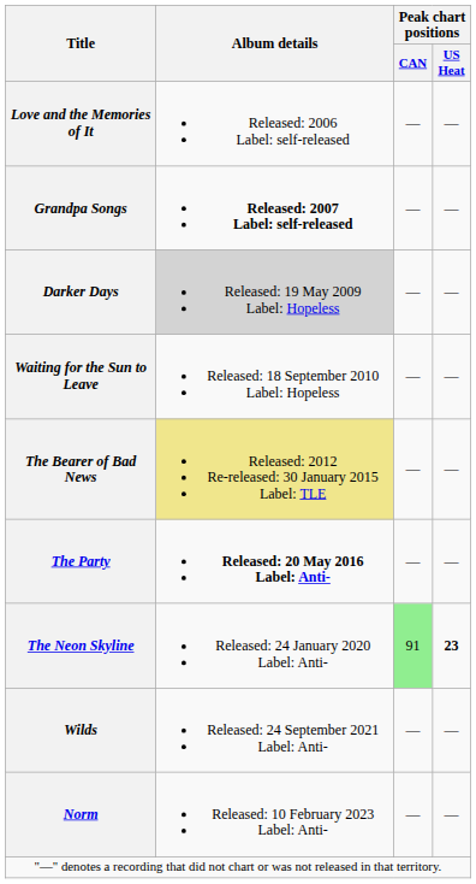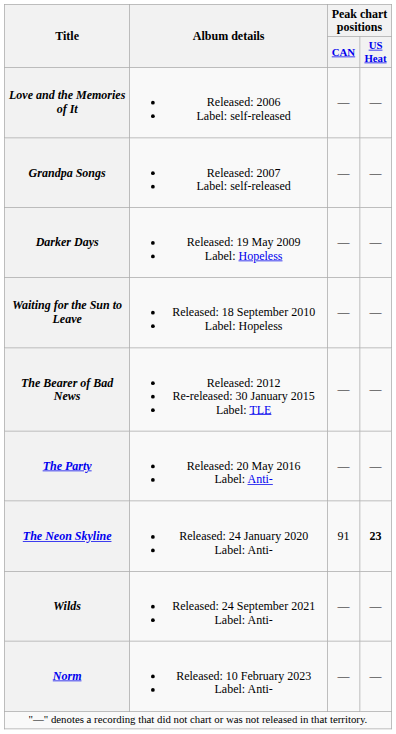 <table class="wikitable plainrowheaders" style="text-align:center;">
 <tr>
 <th scope="col" rowspan="2" style="width:10em;">Title</th>
 <th scope="col" rowspan="2" style="width:16em;">Album details</th>
 <th scope="col" colspan="3">Peak chart positions</th>
 </tr>
 <tr>
 <th scope="col" style="width:2.5em;font-size:90%;"><a href='#'>CAN</a><br></th>
 <th scope="col" style="width:2.5em;font-size:90%;"><a href='#'>US<br>Heat</a><br></th>
 </tr>
 <tr>
 <th scope="row"><em>Love and the Memories of It</em></th>
 <td><br><ul><li>Released: 2006</li><li>Label: self-released</li></ul></td>
 <td>—</td>
 <td>—</td>
 </tr>
 <tr>
 <th scope="row"><em>Grandpa Songs</em></th>
-<td><strong><br><ul><li>Released: 2007</li><li>Label: self-released</li></ul></strong></td>
+<td><br><ul><li>Released: 2007</li><li>Label: self-released</li></ul></td>
 <td>—</td>
 <td>—</td>
 </tr>
 <tr>
 <th scope="row"><em>Darker Days</em></th>
-<td style="background: lightgrey;"><br><ul><li>Released: 19 May 2009</li><li>Label: <a href='#'>Hopeless</a></li></ul></td>
+<td><br><ul><li>Released: 19 May 2009</li><li>Label: <a href='#'>Hopeless</a></li></ul></td>
 <td>—</td>
 <td>—</td>
 </tr>
 <tr>
 <th scope="row"><em>Waiting for the Sun to Leave</em></th>
 <td><br><ul><li>Released: 18 September 2010</li><li>Label: Hopeless</li></ul></td>
 <td>—</td>
 <td>—</td>
 </tr>
 <tr>
 <th scope="row"><em>The Bearer of Bad News</em></th>
-<td style="background: khaki;"><br><ul><li>Released: 2012</li><li>Re-released: 30 January 2015</li><li>Label: <a href='#'>TLE</a></li></ul></td>
+<td><br><ul><li>Released: 2012</li><li>Re-released: 30 January 2015</li><li>Label: <a href='#'>TLE</a></li></ul></td>
 <td>—</td>
 <td>—</td>
 </tr>
 <tr>
 <th scope="row"><em><a href='#'>The Party</a></em></th>
-<td><strong><br><ul><li>Released: 20 May 2016</li><li>Label: <a href='#'>Anti-</a></li></ul></strong></td>
+<td><br><ul><li>Released: 20 May 2016</li><li>Label: <a href='#'>Anti-</a></li></ul></td>
 <td>—</td>
 <td>—</td>
 </tr>
 <tr>
 <th scope="row"><em><a href='#'>The Neon Skyline</a></em></th>
 <td><br><ul><li>Released: 24 January 2020</li><li>Label: Anti-</li></ul></td>
-<td style="background: lightgreen;">91</td>
+<td>91</td>
 <td><strong>23</strong></td>
 </tr>
 <tr>
 <th scope="row"><em>Wilds</em></th>
 <td><br><ul><li>Released: 24 September 2021</li><li>Label: Anti-</li></ul></td>
 <td>—</td>
 <td>—</td>
 </tr>
 <tr>
 <th scope="row"><em><a href='#'>Norm</a></em></th>
 <td><br><ul><li>Released: 10 February 2023</li><li>Label: Anti-</li></ul></td>
 <td>—</td>
 <td>—</td>
 </tr>
 <tr>
 <td colspan="10" style="font-size:90%">"—" denotes a recording that did not chart or was not released in that territory.</td>
 </tr>
 </table>
